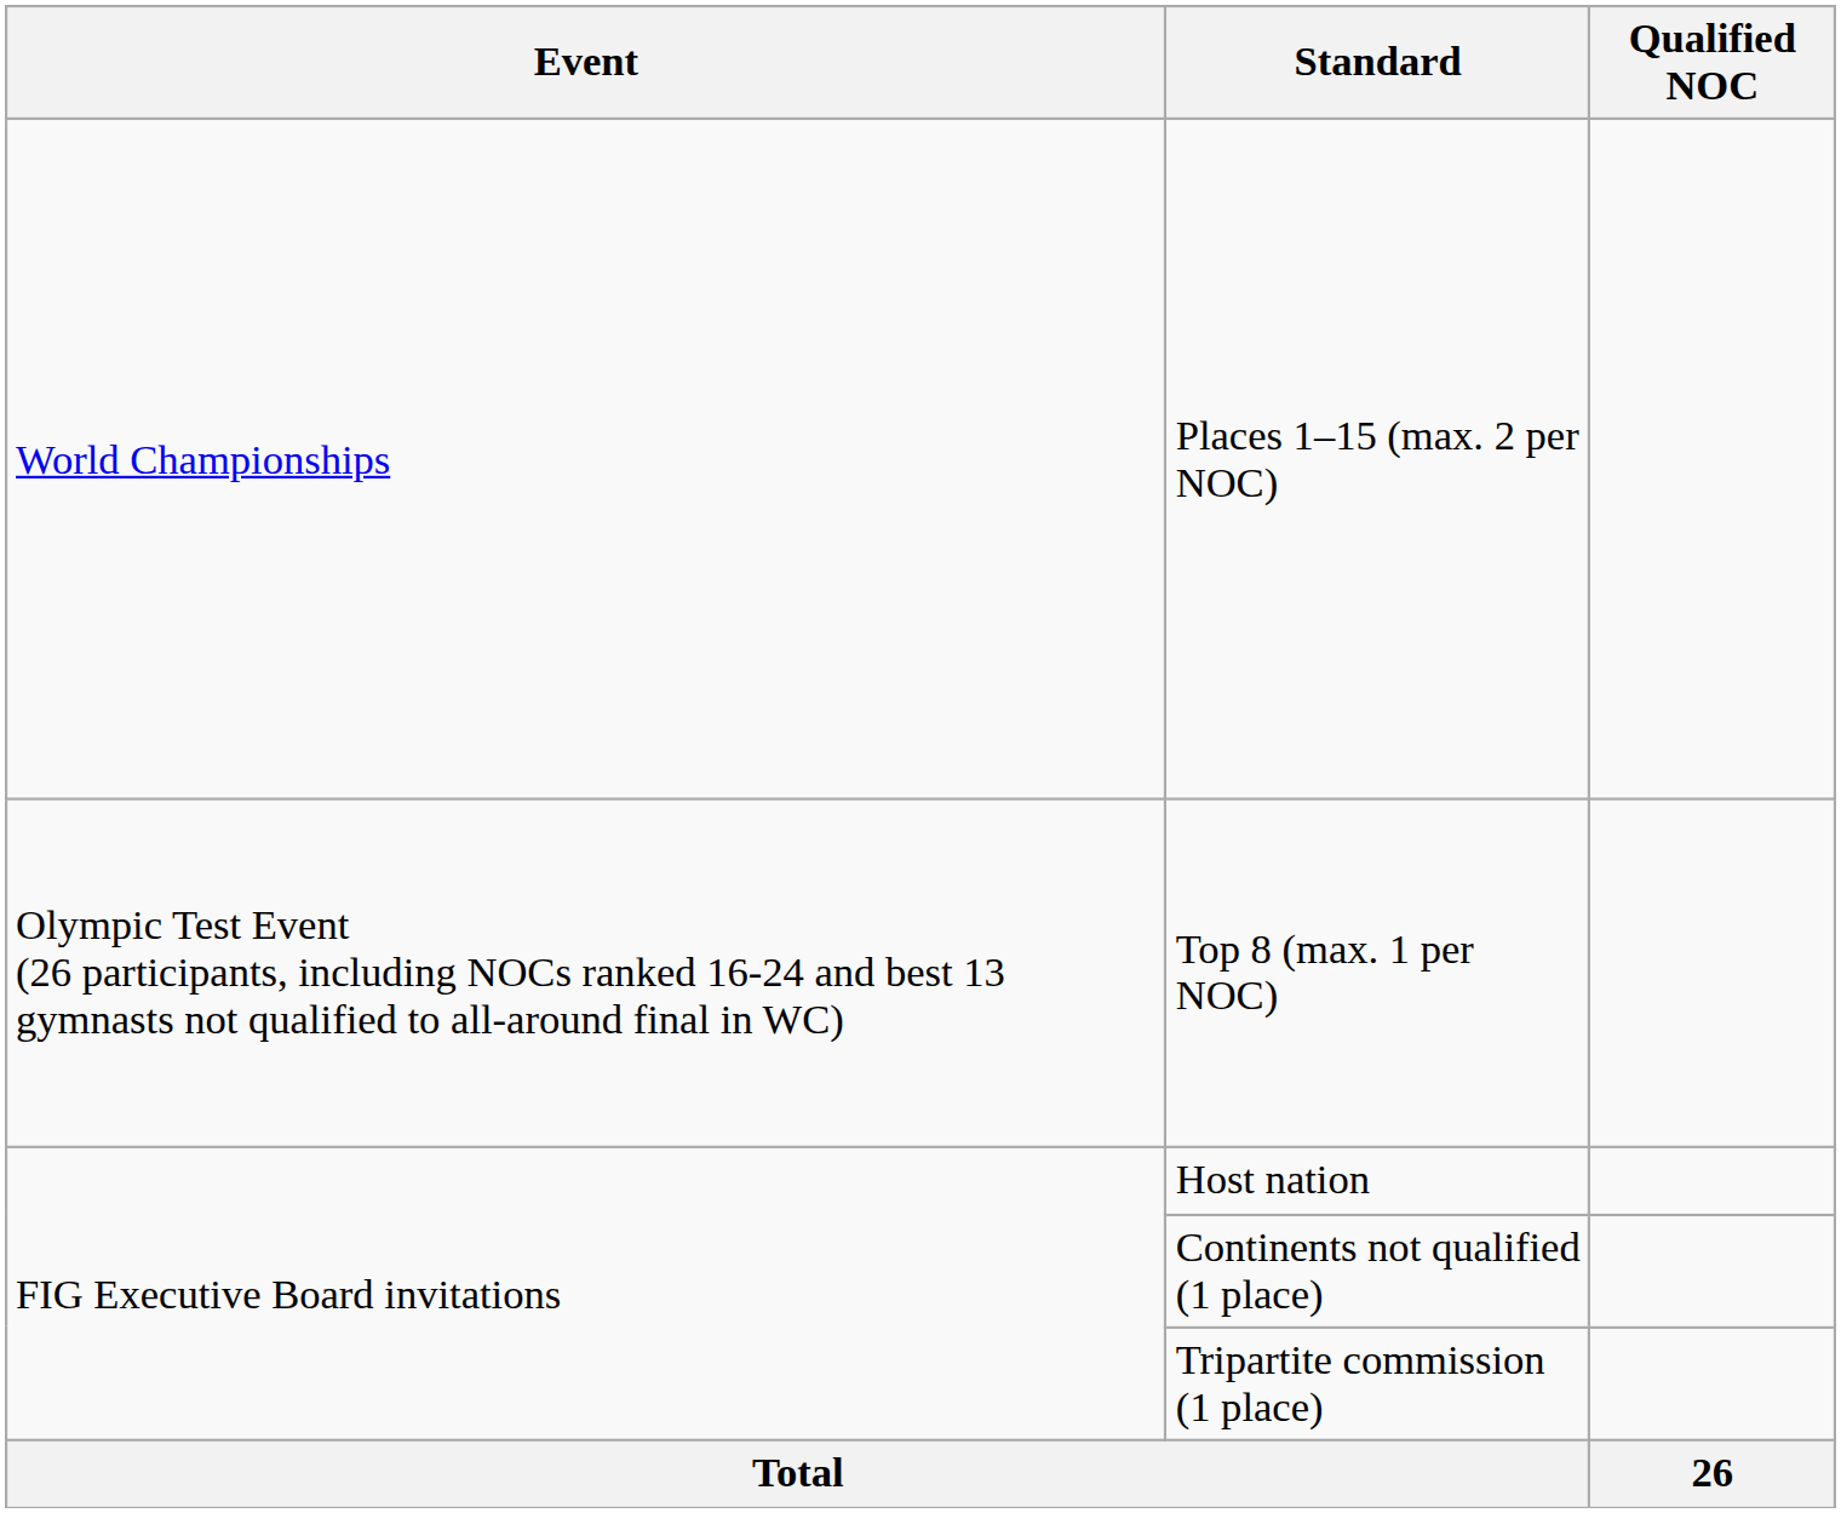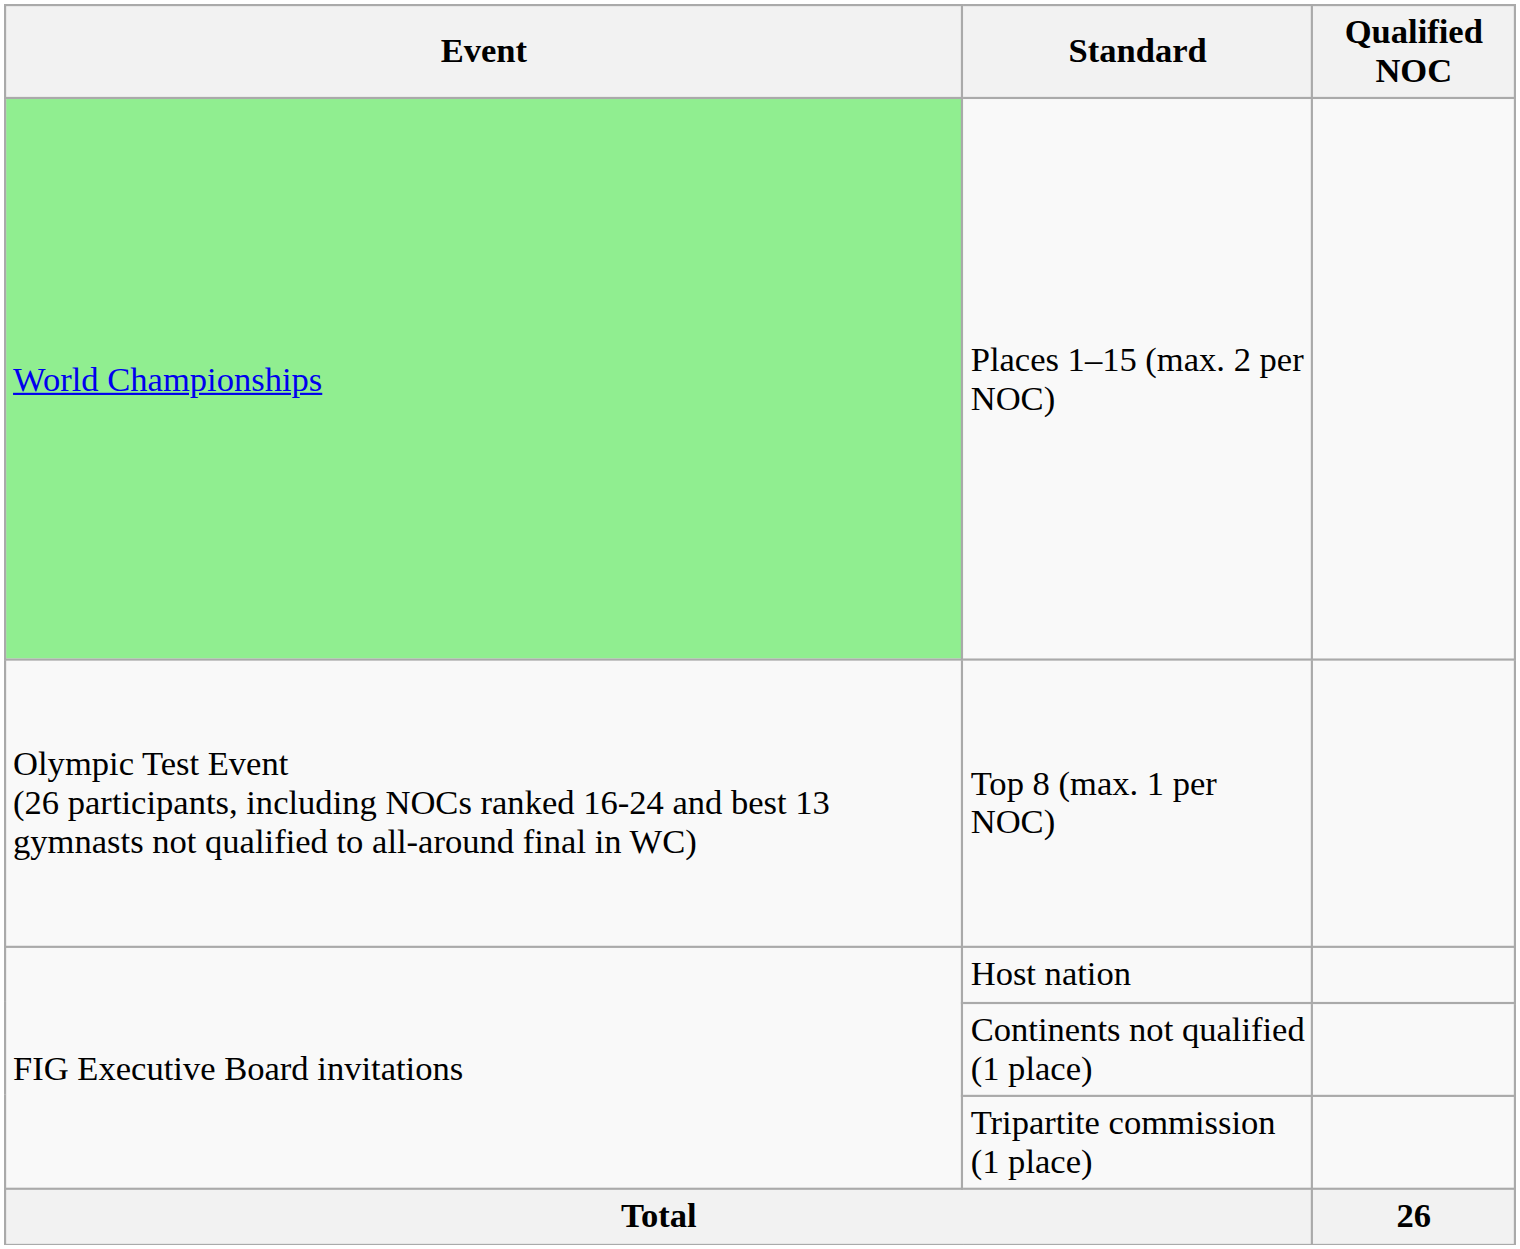 <table class="wikitable" style="width:700px;">
 <tr>
 <th>Event</th>
 <th>Standard</th>
 <th>Qualified NOC</th>
 </tr>
 <tr>
-<td><a href='#'>World Championships</a></td>
+<td style="background: lightgreen;"><a href='#'>World Championships</a></td>
 <td>Places 1–15 (max. 2 per NOC)</td>
 <td><br><br><br><br><br><br><br><br><br><br><br><br><br><br></td>
 </tr>
 <tr>
 <td>Olympic Test Event<br>(26 participants, including NOCs ranked 16-24 and best 13 gymnasts not qualified to all-around final in WC)</td>
 <td>Top 8 (max. 1 per NOC)</td>
 <td><br><br><br><br><br><br><br></td>
 </tr>
 <tr>
 <td rowspan=3>FIG Executive Board invitations</td>
 <td>Host nation</td>
 <td></td>
 </tr>
 <tr>
 <td>Continents not qualified (1 place)</td>
 <td></td>
 </tr>
 <tr>
 <td>Tripartite commission (1 place)</td>
 <td></td>
 </tr>
 <tr>
 <th colspan="2">Total</th>
 <th>26</th>
 </tr>
 </table>
